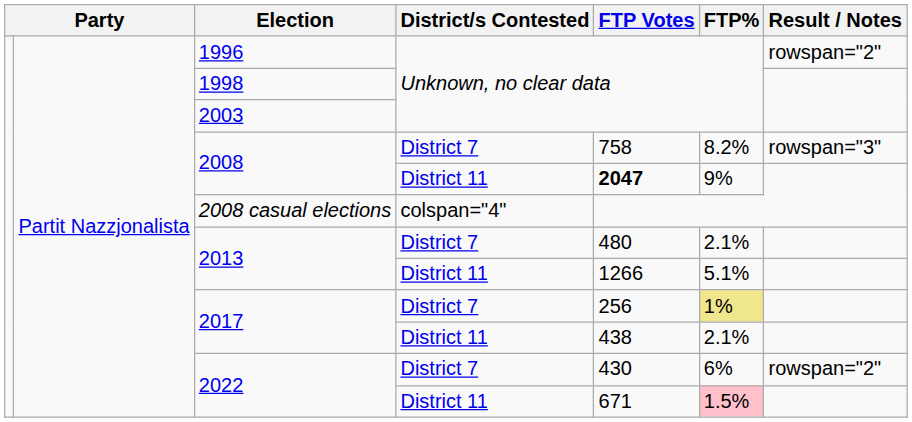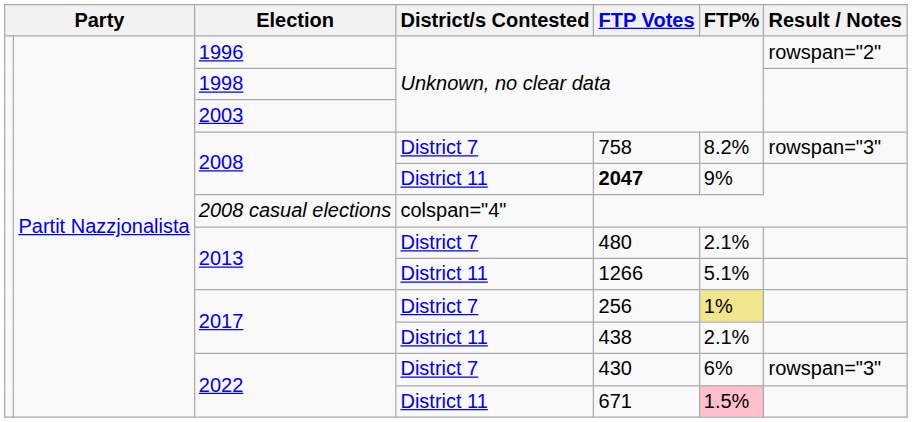 <table class="wikitable">
 <tr>
 <th colspan="2">Party</th>
 <th>Election</th>
 <th>District/s Contested</th>
 <th><a href='#'>FTP Votes</a></th>
 <th>FTP%</th>
 <th>Result / Notes</th>
 </tr>
 <tr>
 <td rowspan="12"></td>
 <td rowspan="12"> <a href='#'>Partit Nazzjonalista</a></td>
 <td><a href='#'>1996</a></td>
 <td colspan="3" rowspan="3"><em>Unknown, no clear data</em></td>
 <td>rowspan="2" </td>
 </tr>
 <tr>
 <td><a href='#'>1998</a></td>
 </tr>
 <tr>
 <td><a href='#'>2003</a></td>
 </tr>
 <tr>
 <td rowspan="2"><a href='#'>2008</a></td>
 <td><a href='#'>District 7</a></td>
 <td>758</td>
 <td>8.2%</td>
 <td>rowspan="3" </td>
 </tr>
 <tr>
 <td><a href='#'>District 11</a></td>
 <td><strong>2047</strong></td>
 <td>9%</td>
 </tr>
 <tr>
 <td><em>2008 casual elections</em></td>
 <td>colspan="4" </td>
 </tr>
 <tr>
 <td rowspan="2"><a href='#'>2013</a></td>
 <td><a href='#'>District 7</a></td>
 <td>480</td>
 <td>2.1%</td>
 <td></td>
 </tr>
 <tr>
 <td><a href='#'>District 11</a></td>
 <td>1266</td>
 <td>5.1%</td>
 <td></td>
 </tr>
 <tr>
 <td rowspan="2"><a href='#'>2017</a></td>
 <td><a href='#'>District 7</a></td>
 <td>256</td>
 <td style="background: khaki;">1%</td>
 <td></td>
 </tr>
 <tr>
 <td><a href='#'>District 11</a></td>
 <td>438</td>
 <td>2.1%</td>
 <td></td>
 </tr>
 <tr>
 <td rowspan="2"><a href='#'>2022</a></td>
 <td><a href='#'>District 7</a></td>
 <td>430</td>
 <td>6%</td>
-<td>rowspan="2" </td>
+<td>rowspan="3" </td>
 </tr>
 <tr>
 <td><a href='#'>District 11</a></td>
 <td>671</td>
 <td style="background: pink;">1.5%</td>
 </tr>
 </table>
